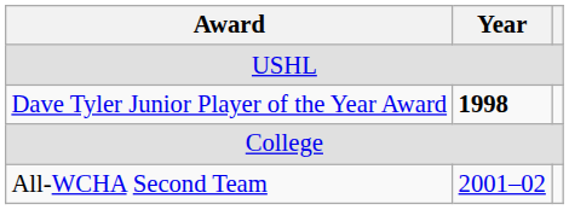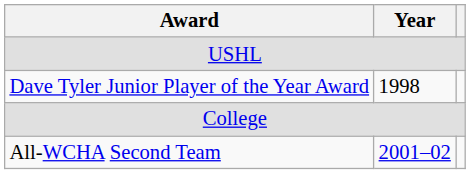 <table class="wikitable">
 <tr>
 <th>Award</th>
 <th>Year</th>
 <th></th>
 </tr>
 <tr ALIGN="center" bgcolor="#e0e0e0">
 <td colspan="3"><a href='#'>USHL</a></td>
 </tr>
 <tr>
 <td><a href='#'>Dave Tyler Junior Player of the Year Award</a></td>
-<td><strong>1998</strong></td>
+<td>1998</td>
 <td></td>
 </tr>
 <tr ALIGN="center" bgcolor="#e0e0e0">
 <td colspan="3"><a href='#'>College</a></td>
 </tr>
 <tr>
 <td>All-<a href='#'>WCHA</a> <a href='#'>Second Team</a></td>
 <td><a href='#'>2001–02</a></td>
 <td></td>
 </tr>
 </table>
